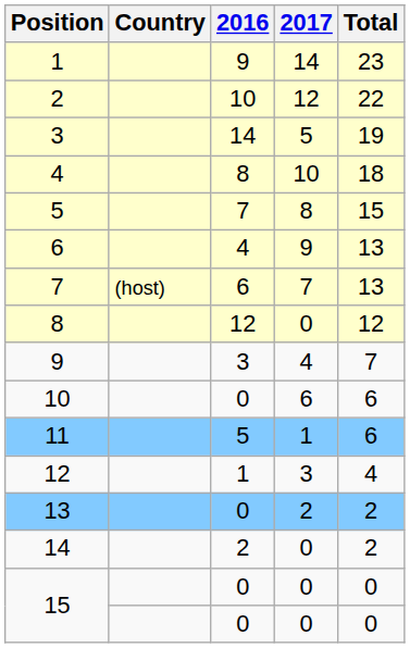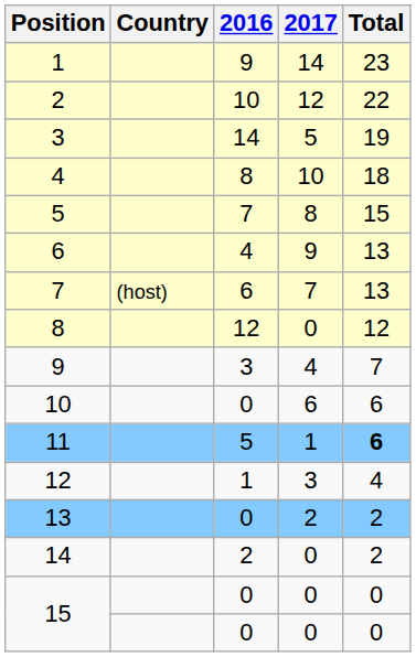 <table class="wikitable sortable" style="text-align:center;">
 <tr>
 <th>Position</th>
 <th>Country</th>
 <th><a href='#'>2016</a></th>
 <th><a href='#'>2017</a></th>
 <th>Total</th>
 </tr>
 <tr style="background:#ffffcc">
 <td>1</td>
 <td align=left></td>
 <td>9</td>
 <td>14</td>
 <td>23</td>
 </tr>
 <tr style="background:#ffffcc">
 <td>2</td>
 <td align=left></td>
 <td>10</td>
 <td>12</td>
 <td>22</td>
 </tr>
 <tr style="background:#ffffcc">
 <td>3</td>
 <td align=left></td>
 <td>14</td>
 <td>5</td>
 <td>19</td>
 </tr>
 <tr style="background:#ffffcc">
 <td>4</td>
 <td align=left></td>
 <td>8</td>
 <td>10</td>
 <td>18</td>
 </tr>
 <tr style="background:#ffffcc">
 <td>5</td>
 <td align=left></td>
 <td>7</td>
 <td>8</td>
 <td>15</td>
 </tr>
 <tr style="background:#ffffcc">
 <td>6</td>
 <td align=left></td>
 <td>4</td>
 <td>9</td>
 <td>13</td>
 </tr>
 <tr style="background:#ffffcc">
 <td>7</td>
 <td align=left> <small>(host)</small></td>
 <td>6</td>
 <td>7</td>
 <td>13</td>
 </tr>
 <tr style="background:#ffffcc">
 <td>8</td>
 <td align=left></td>
 <td>12</td>
 <td>0</td>
 <td>12</td>
 </tr>
 <tr>
 <td>9</td>
 <td align=left></td>
 <td>3</td>
 <td>4</td>
 <td>7</td>
 </tr>
 <tr>
 <td>10</td>
 <td align=left></td>
 <td>0</td>
 <td>6</td>
 <td>6</td>
 </tr>
 <tr style="background:#82CAFF">
 <td>11</td>
 <td align=left></td>
 <td>5</td>
 <td>1</td>
-<td>6</td>
+<td><strong>6</strong></td>
 </tr>
 <tr>
 <td>12</td>
 <td align=left></td>
 <td>1</td>
 <td>3</td>
 <td>4</td>
 </tr>
 <tr style="background:#82CAFF">
 <td>13</td>
 <td align=left></td>
 <td>0</td>
 <td>2</td>
 <td>2</td>
 </tr>
 <tr>
 <td>14</td>
 <td align=left></td>
 <td>2</td>
 <td>0</td>
 <td>2</td>
 </tr>
 <tr>
 <td rowspan=2>15</td>
 <td align=left></td>
 <td>0</td>
 <td>0</td>
 <td>0</td>
 </tr>
 <tr>
 <td align=left></td>
 <td>0</td>
 <td>0</td>
 <td>0</td>
 </tr>
 </table>
